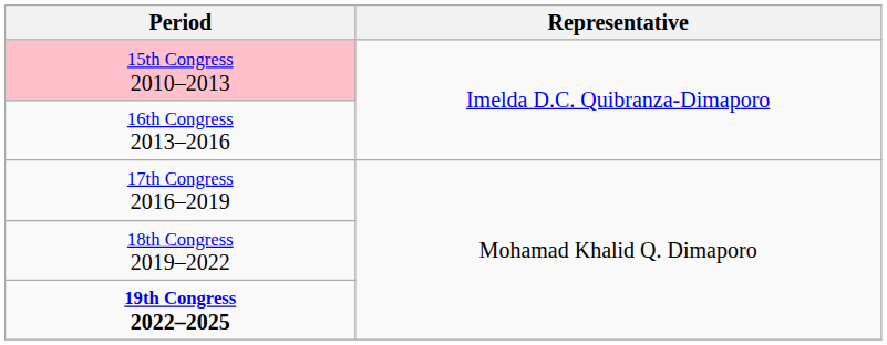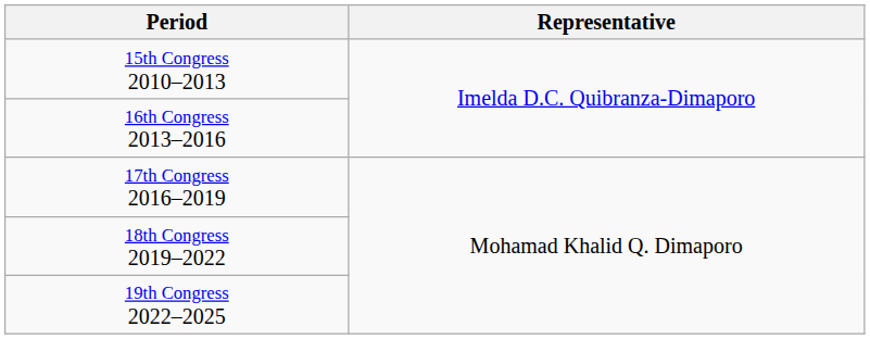 <table class="wikitable" style="text-align:center; width:40%;">
 <tr>
 <th width="40%">Period</th>
 <th>Representative</th>
 </tr>
 <tr>
-<td style="background: pink;"><small><a href='#'>15th Congress</a></small><br>2010–2013</td>
+<td><small><a href='#'>15th Congress</a></small><br>2010–2013</td>
 <td rowspan="2"><a href='#'>Imelda D.C. Quibranza-Dimaporo</a></td>
 </tr>
 <tr>
 <td><small><a href='#'>16th Congress</a></small><br>2013–2016</td>
 </tr>
 <tr>
 <td><small><a href='#'>17th Congress</a></small><br>2016–2019</td>
 <td rowspan="3">Mohamad Khalid Q. Dimaporo</td>
 </tr>
 <tr>
 <td><small><a href='#'>18th Congress</a></small><br>2019–2022</td>
 </tr>
 <tr>
-<td><strong><small><a href='#'>19th Congress</a></small><br>2022–2025</strong></td>
+<td><small><a href='#'>19th Congress</a></small><br>2022–2025</td>
 </tr>
 </table>
